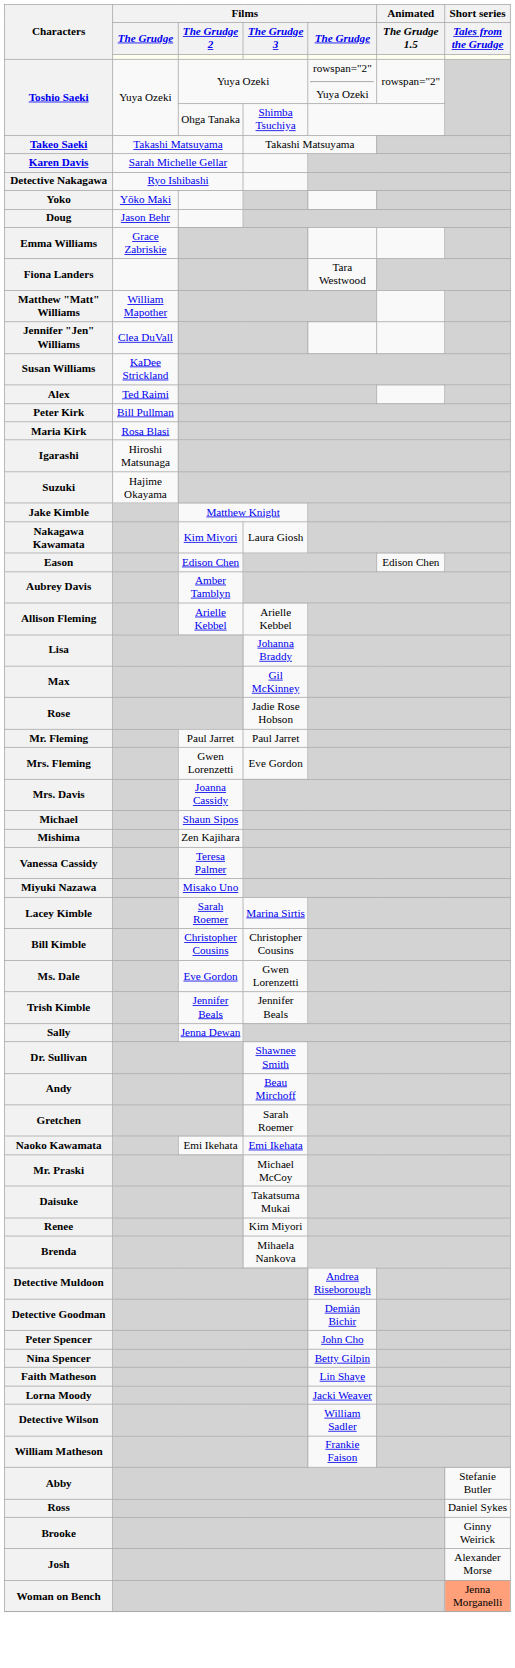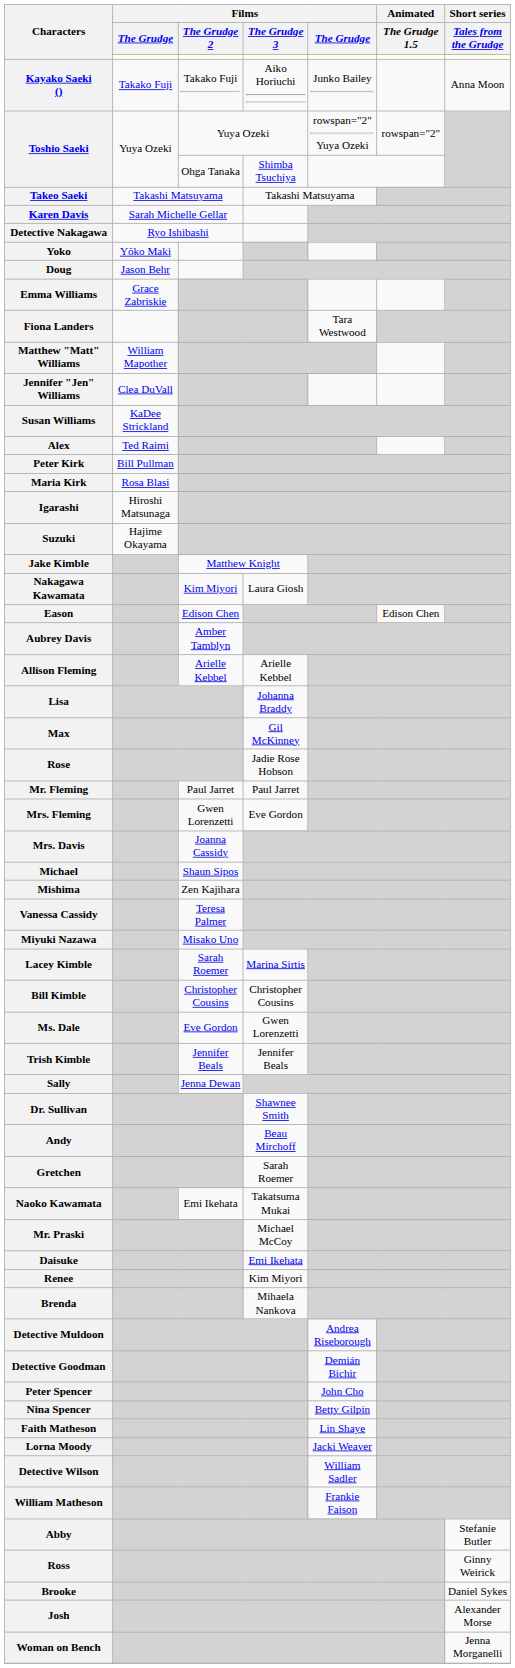 <table class="wikitable" style="text-align:center; width:99%; font-size:85%">
 <tr>
 <th rowspan="3" style="width:20%;">Characters</th>
 <th colspan="4">Films</th>
 <th>Animated</th>
 <th>Short series</th>
 </tr>
 <tr>
 <th style="width:12%;"><em><a href='#'>The Grudge</a></em></th>
 <th style="width:12%;"><em><a href='#'>The Grudge 2</a></em></th>
 <th style="width:12%;"><em><a href='#'>The Grudge 3</a></em></th>
 <th style="width:12%;"><em><a href='#'>The Grudge</a></em></th>
 <th style="width:12%;"><em>The Grudge 1.5</em></th>
 <th style="width:12%;"><a href='#'><em>Tales from the Grudge</em></a></th>
 </tr>
 <tr>
 <th style="background:ivory;"><span></span></th>
 <th style="background:ivory;"><span></span></th>
 <th style="background:ivory;"><span></span></th>
 <th style="background:ivory;"><span></span></th>
 <th style="background:ivory;"><span></span></th>
 <th style="background:ivory;"><span></span></th>
+</tr>
+<tr>
+<th><a href='#'>Kayako Saeki<br>()</a></th>
+<td><a href='#'>Takako Fuji</a></td>
+<td>Takako Fuji<hr></td>
+<td>Aiko Horiuchi<hr><hr></td>
+<td>Junko Bailey<hr></td>
+<td></td>
+<td>Anna Moon</td>
 </tr>
 <tr>
 <th rowspan="2"><a href='#'>Toshio Saeki</a></th>
 <td rowspan="2">Yuya Ozeki</td>
 <td colspan="2">Yuya Ozeki</td>
 <td>rowspan="2" <hr>Yuya Ozeki</td>
 <td>rowspan="2" </td>
 <td rowspan="2" style="background:lightgrey;"> </td>
 </tr>
 <tr>
 <td>Ohga Tanaka</td>
 <td><a href='#'>Shimba Tsuchiya</a></td>
 </tr>
 <tr>
 <th><a href='#'>Takeo Saeki</a></th>
 <td colspan="2"><a href='#'>Takashi Matsuyama</a></td>
 <td colspan="2">Takashi Matsuyama</td>
 <td colspan="2" style="background:lightgrey;"> </td>
 </tr>
 <tr>
 <th><a href='#'>Karen Davis</a></th>
 <td colspan="2"><a href='#'>Sarah Michelle Gellar</a></td>
 <td></td>
 <td colspan="3" style="background:lightgrey;"> </td>
 </tr>
 <tr>
 <th>Detective Nakagawa</th>
 <td colspan="2"><a href='#'>Ryo Ishibashi</a></td>
 <td></td>
 <td colspan="3" style="background:lightgrey;"> </td>
 </tr>
 <tr>
 <th>Yoko</th>
 <td><a href='#'>Yōko Maki</a></td>
 <td></td>
 <td style="background:lightgrey;"> </td>
 <td></td>
 <td colspan="2" style="background:lightgrey;"> </td>
 </tr>
 <tr>
 <th>Doug</th>
 <td><a href='#'>Jason Behr</a></td>
 <td></td>
 <td colspan="4" style="background:lightgrey;"> </td>
 </tr>
 <tr>
 <th>Emma Williams</th>
 <td><a href='#'>Grace Zabriskie</a></td>
 <td colspan="2" style="background:lightgrey;"> </td>
 <td></td>
 <td></td>
 <td style="background:lightgrey;"> </td>
 </tr>
 <tr>
 <th>Fiona Landers</th>
 <td></td>
 <td colspan="2" style="background:lightgrey;"> </td>
 <td>Tara Westwood</td>
 <td colspan="2" style="background:lightgrey;"> </td>
 </tr>
 <tr>
 <th>Matthew "Matt" Williams</th>
 <td><a href='#'>William Mapother</a></td>
 <td colspan="3" style="background:lightgrey;"> </td>
 <td></td>
 <td style="background:lightgrey;"> </td>
 </tr>
 <tr>
 <th>Jennifer "Jen" Williams</th>
 <td><a href='#'>Clea DuVall</a></td>
 <td colspan="2" style="background:lightgrey;"> </td>
 <td></td>
 <td></td>
 <td style="background:lightgrey;"> </td>
 </tr>
 <tr>
 <th>Susan Williams</th>
 <td><a href='#'>KaDee Strickland</a></td>
 <td colspan="5" style="background:lightgrey;"> </td>
 </tr>
 <tr>
 <th>Alex</th>
 <td><a href='#'>Ted Raimi</a></td>
 <td colspan="3" style="background:lightgrey;"> </td>
 <td></td>
 <td style="background:lightgrey;"> </td>
 </tr>
 <tr>
 <th>Peter Kirk</th>
 <td><a href='#'>Bill Pullman</a></td>
 <td colspan="5" style="background:lightgrey;"> </td>
 </tr>
 <tr>
 <th>Maria Kirk</th>
 <td><a href='#'>Rosa Blasi</a></td>
 <td colspan="5" style="background:lightgrey;"> </td>
 </tr>
 <tr>
 <th>Igarashi</th>
 <td>Hiroshi Matsunaga</td>
 <td colspan="5" style="background:lightgrey;"> </td>
 </tr>
 <tr>
 <th>Suzuki</th>
 <td>Hajime Okayama</td>
 <td colspan="5" style="background:lightgrey;"> </td>
 </tr>
 <tr>
 <th>Jake Kimble</th>
 <td style="background:lightgrey;"> </td>
 <td colspan="2"><a href='#'>Matthew Knight</a></td>
 <td colspan="3" style="background:lightgrey;"> </td>
 </tr>
 <tr>
 <th>Nakagawa Kawamata</th>
 <td style="background:lightgrey;"> </td>
 <td><a href='#'>Kim Miyori</a></td>
 <td>Laura Giosh</td>
 <td colspan="3" style="background:lightgrey;"> </td>
 </tr>
 <tr>
 <th>Eason</th>
 <td style="background:lightgrey;"> </td>
 <td><a href='#'>Edison Chen</a></td>
 <td colspan="2" style="background:lightgrey;"> </td>
 <td>Edison Chen</td>
 <td style="background:lightgrey;"> </td>
 </tr>
 <tr>
 <th>Aubrey Davis</th>
 <td style="background:lightgrey;"> </td>
 <td><a href='#'>Amber Tamblyn</a></td>
 <td colspan="4" style="background:lightgrey;"> </td>
 </tr>
 <tr>
 <th>Allison Fleming</th>
 <td style="background:lightgrey;"> </td>
 <td><a href='#'>Arielle Kebbel</a></td>
 <td>Arielle Kebbel</td>
 <td colspan="3" style="background:lightgrey;"> </td>
 </tr>
 <tr>
 <th>Lisa</th>
 <td colspan="2" style="background:lightgrey;"> </td>
 <td><a href='#'>Johanna Braddy</a></td>
 <td colspan="3" style="background:lightgrey;"> </td>
 </tr>
 <tr>
 <th>Max</th>
 <td colspan="2" style="background:lightgrey;"> </td>
 <td><a href='#'>Gil McKinney</a></td>
 <td colspan="3" style="background:lightgrey;"> </td>
 </tr>
 <tr>
 <th>Rose</th>
 <td colspan="2" style="background:lightgrey;"> </td>
 <td>Jadie Rose Hobson</td>
 <td colspan="3" style="background:lightgrey;"> </td>
 </tr>
 <tr>
 <th>Mr. Fleming</th>
 <td style="background:lightgrey;"> </td>
 <td>Paul Jarret</td>
 <td>Paul Jarret</td>
 <td colspan="3" style="background:lightgrey;"> </td>
 </tr>
 <tr>
 <th>Mrs. Fleming</th>
 <td style="background:lightgrey;"> </td>
 <td>Gwen Lorenzetti</td>
 <td>Eve Gordon</td>
 <td colspan="3" style="background:lightgrey;"> </td>
 </tr>
 <tr>
 <th>Mrs. Davis</th>
 <td style="background:lightgrey;"> </td>
 <td><a href='#'>Joanna Cassidy</a></td>
 <td colspan="4" style="background:lightgrey;"> </td>
 </tr>
 <tr>
 <th>Michael</th>
 <td style="background:lightgrey;"> </td>
 <td><a href='#'>Shaun Sipos</a></td>
 <td colspan="4" style="background:lightgrey;"> </td>
 </tr>
 <tr>
 <th>Mishima<br></th>
 <td style="background:lightgrey;"> </td>
 <td>Zen Kajihara</td>
 <td colspan="4" style="background:lightgrey;"> </td>
 </tr>
 <tr>
 <th>Vanessa Cassidy</th>
 <td style="background:lightgrey;"> </td>
 <td><a href='#'>Teresa Palmer</a></td>
 <td colspan="4" style="background:lightgrey;"> </td>
 </tr>
 <tr>
 <th>Miyuki Nazawa</th>
 <td style="background:lightgrey;"> </td>
 <td><a href='#'>Misako Uno</a></td>
 <td colspan="4" style="background:lightgrey;"> </td>
 </tr>
 <tr>
 <th>Lacey Kimble</th>
 <td style="background:lightgrey;"> </td>
 <td><a href='#'>Sarah Roemer</a></td>
 <td><a href='#'>Marina Sirtis</a></td>
 <td colspan="3" style="background:lightgrey;"> </td>
 </tr>
 <tr>
 <th>Bill Kimble</th>
 <td style="background:lightgrey;"> </td>
 <td><a href='#'>Christopher Cousins</a></td>
 <td>Christopher Cousins</td>
 <td colspan="3" style="background:lightgrey;"> </td>
 </tr>
 <tr>
 <th>Ms. Dale</th>
 <td style="background:lightgrey;"> </td>
 <td><a href='#'>Eve Gordon</a></td>
 <td>Gwen Lorenzetti</td>
 <td colspan="3" style="background:lightgrey;"> </td>
 </tr>
 <tr>
 <th>Trish Kimble</th>
 <td style="background:lightgrey;"> </td>
 <td><a href='#'>Jennifer Beals</a></td>
 <td>Jennifer Beals</td>
 <td colspan="3" style="background:lightgrey;"> </td>
 </tr>
 <tr>
 <th>Sally</th>
 <td style="background:lightgrey;"> </td>
 <td><a href='#'>Jenna Dewan</a></td>
 <td colspan="4" style="background:lightgrey;"> </td>
 </tr>
 <tr>
 <th>Dr. Sullivan</th>
 <td colspan="2" style="background:lightgrey;"> </td>
 <td><a href='#'>Shawnee Smith</a></td>
 <td colspan="3" style="background:lightgrey;"> </td>
 </tr>
 <tr>
 <th>Andy</th>
 <td colspan="2" style="background:lightgrey;"> </td>
 <td><a href='#'>Beau Mirchoff</a></td>
 <td colspan="3" style="background:lightgrey;"> </td>
 </tr>
 <tr>
 <th>Gretchen</th>
 <td colspan="2" style="background:lightgrey;"> </td>
 <td>Sarah Roemer</td>
 <td colspan="3" style="background:lightgrey;"> </td>
 </tr>
 <tr>
 <th>Naoko Kawamata</th>
 <td style="background:lightgrey;"> </td>
 <td>Emi Ikehata</td>
-<td><a href='#'>Emi Ikehata</a></td>
+<td>Takatsuma Mukai</td>
 <td colspan="3" style="background:lightgrey;"> </td>
 </tr>
 <tr>
 <th>Mr. Praski</th>
 <td colspan="2" style="background:lightgrey;"> </td>
 <td>Michael McCoy</td>
 <td colspan="3" style="background:lightgrey;"> </td>
 </tr>
 <tr>
 <th>Daisuke</th>
 <td colspan="2" style="background:lightgrey;"> </td>
-<td>Takatsuma Mukai</td>
+<td><a href='#'>Emi Ikehata</a></td>
 <td colspan="3" style="background:lightgrey;"> </td>
 </tr>
 <tr>
 <th>Renee</th>
 <td colspan="2" style="background:lightgrey;"> </td>
 <td>Kim Miyori</td>
 <td colspan="3" style="background:lightgrey;"> </td>
 </tr>
 <tr>
 <th>Brenda</th>
 <td colspan="2" style="background:lightgrey;"> </td>
 <td>Mihaela Nankova</td>
 <td colspan="3" style="background:lightgrey;"> </td>
 </tr>
 <tr>
 <th>Detective Muldoon</th>
 <td colspan="3" style="background:lightgrey;"> </td>
 <td><a href='#'>Andrea Riseborough</a></td>
 <td colspan="2" style="background:lightgrey;"> </td>
 </tr>
 <tr>
 <th>Detective Goodman</th>
 <td colspan="3" style="background:lightgrey;"> </td>
 <td><a href='#'>Demián Bichir</a></td>
 <td colspan="2" style="background:lightgrey;"> </td>
 </tr>
 <tr>
 <th>Peter Spencer</th>
 <td colspan="3" style="background:lightgrey;"> </td>
 <td><a href='#'>John Cho</a></td>
 <td colspan="2" style="background:lightgrey;"> </td>
 </tr>
 <tr>
 <th>Nina Spencer</th>
 <td colspan="3" style="background:lightgrey;"> </td>
 <td><a href='#'>Betty Gilpin</a></td>
 <td colspan="2" style="background:lightgrey;"> </td>
 </tr>
 <tr>
 <th>Faith Matheson</th>
 <td colspan="3" style="background:lightgrey;"> </td>
 <td><a href='#'>Lin Shaye</a></td>
 <td colspan="2" style="background:lightgrey;"> </td>
 </tr>
 <tr>
 <th>Lorna Moody</th>
 <td colspan="3" style="background:lightgrey;"> </td>
 <td><a href='#'>Jacki Weaver</a></td>
 <td colspan="2" style="background:lightgrey;"> </td>
 </tr>
 <tr>
 <th>Detective Wilson</th>
 <td colspan="3" style="background:lightgrey;"> </td>
 <td><a href='#'>William Sadler</a></td>
 <td colspan="2" style="background:lightgrey;"> </td>
 </tr>
 <tr>
 <th>William Matheson</th>
 <td colspan="3" style="background:lightgrey;"> </td>
 <td><a href='#'>Frankie Faison</a></td>
 <td colspan="2" style="background:lightgrey;"> </td>
 </tr>
 <tr>
 <th>Abby</th>
 <td colspan="5" style="background:lightgrey;"> </td>
 <td>Stefanie Butler</td>
 </tr>
 <tr>
 <th>Ross</th>
 <td colspan="5" style="background:lightgrey;"> </td>
-<td>Daniel Sykes</td>
+<td>Ginny Weirick</td>
 </tr>
 <tr>
 <th>Brooke</th>
 <td colspan="5" style="background:lightgrey;"> </td>
-<td>Ginny Weirick</td>
+<td>Daniel Sykes</td>
 </tr>
 <tr>
 <th>Josh</th>
 <td colspan="5" style="background:lightgrey;"> </td>
 <td>Alexander Morse</td>
 </tr>
 <tr>
 <th>Woman on Bench</th>
 <td colspan="5" style="background:lightgrey;"> </td>
-<td style="background: lightsalmon;">Jenna Morganelli</td>
+<td>Jenna Morganelli</td>
 </tr>
 <tr>
 </tr>
 </table>
